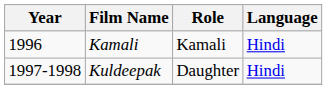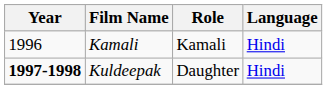 <table class="wikitable">
 <tr style="background:#ccc; text-align:center;">
 <th>Year</th>
 <th>Film Name</th>
 <th>Role</th>
 <th>Language</th>
 </tr>
 <tr>
 <td>1996</td>
 <td><em>Kamali</em></td>
 <td>Kamali</td>
 <td><a href='#'>Hindi</a></td>
 </tr>
 <tr>
-<td>1997-1998</td>
+<td><strong>1997-1998</strong></td>
 <td><em>Kuldeepak</em></td>
 <td>Daughter</td>
 <td><a href='#'>Hindi</a></td>
 </tr>
 <tr>
 </tr>
 </table>
